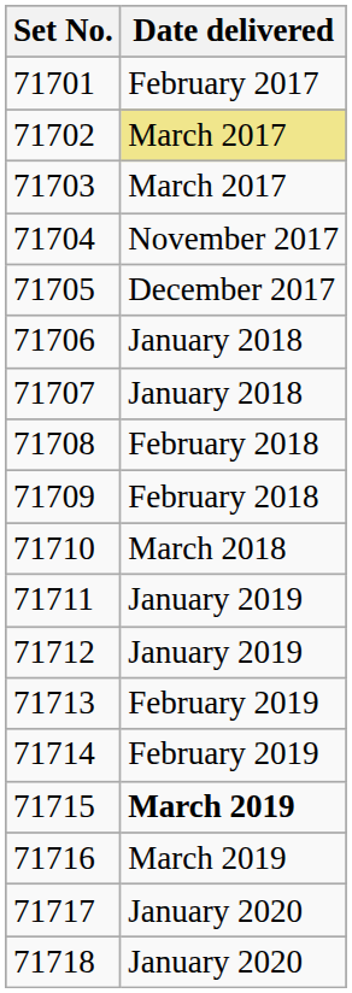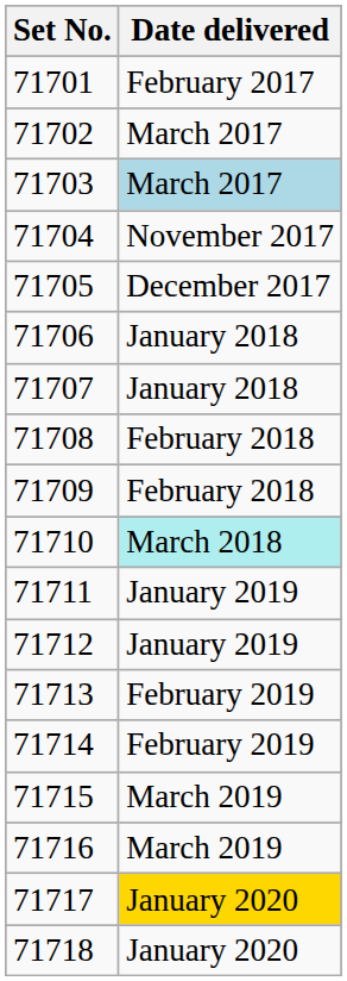 <table class="wikitable">
 <tr>
 <th>Set No.</th>
 <th>Date delivered</th>
 </tr>
 <tr>
 <td>71701</td>
 <td>February 2017</td>
 </tr>
 <tr>
 <td>71702</td>
-<td style="background: khaki;">March 2017</td>
+<td>March 2017</td>
 </tr>
 <tr>
 <td>71703</td>
-<td>March 2017</td>
+<td style="background: lightblue;">March 2017</td>
 </tr>
 <tr>
 <td>71704</td>
 <td>November 2017</td>
 </tr>
 <tr>
 <td>71705</td>
 <td>December 2017</td>
 </tr>
 <tr>
 <td>71706</td>
 <td>January 2018</td>
 </tr>
 <tr>
 <td>71707</td>
 <td>January 2018</td>
 </tr>
 <tr>
 <td>71708</td>
 <td>February 2018</td>
 </tr>
 <tr>
 <td>71709</td>
 <td>February 2018</td>
 </tr>
 <tr>
 <td>71710</td>
-<td>March 2018</td>
+<td style="background: paleturquoise;">March 2018</td>
 </tr>
 <tr>
 <td>71711</td>
 <td>January 2019</td>
 </tr>
 <tr>
 <td>71712</td>
 <td>January 2019</td>
 </tr>
 <tr>
 <td>71713</td>
 <td>February 2019</td>
 </tr>
 <tr>
 <td>71714</td>
 <td>February 2019</td>
 </tr>
 <tr>
 <td>71715</td>
-<td><strong>March 2019</strong></td>
+<td>March 2019</td>
 </tr>
 <tr>
 <td>71716</td>
 <td>March 2019</td>
 </tr>
 <tr>
 <td>71717</td>
-<td>January 2020</td>
+<td style="background: gold;">January 2020</td>
 </tr>
 <tr>
 <td>71718</td>
 <td>January 2020</td>
 </tr>
 </table>
